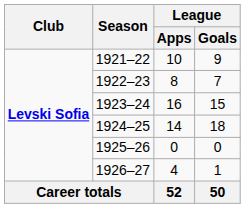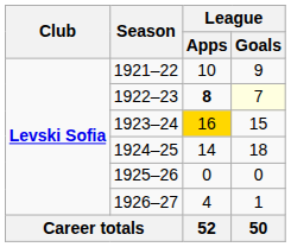 <table class="wikitable" style="font-size:90%; text-align: center;">
 <tr>
 <th rowspan="2">Club</th>
 <th rowspan="2">Season</th>
 <th colspan="2">League</th>
 </tr>
 <tr>
 <th>Apps</th>
 <th>Goals</th>
 </tr>
 <tr>
 <td rowspan="6" valign="center"><strong><a href='#'>Levski Sofia</a></strong></td>
 <td>1921–22</td>
 <td>10</td>
 <td>9</td>
 </tr>
 <tr>
 <td>1922–23</td>
-<td>8</td>
-<td>7</td>
+<td><strong>8</strong></td>
+<td style="background: lightyellow;">7</td>
 </tr>
 <tr>
 <td>1923–24</td>
-<td>16</td>
+<td style="background: gold;">16</td>
 <td>15</td>
 </tr>
 <tr>
 <td>1924–25</td>
 <td>14</td>
 <td>18</td>
 </tr>
 <tr>
 <td>1925–26</td>
 <td>0</td>
 <td>0</td>
 </tr>
 <tr>
 <td>1926–27</td>
 <td>4</td>
 <td>1</td>
 </tr>
 <tr>
 <th colspan="2">Career totals</th>
 <th>52</th>
 <th>50</th>
 </tr>
 </table>
